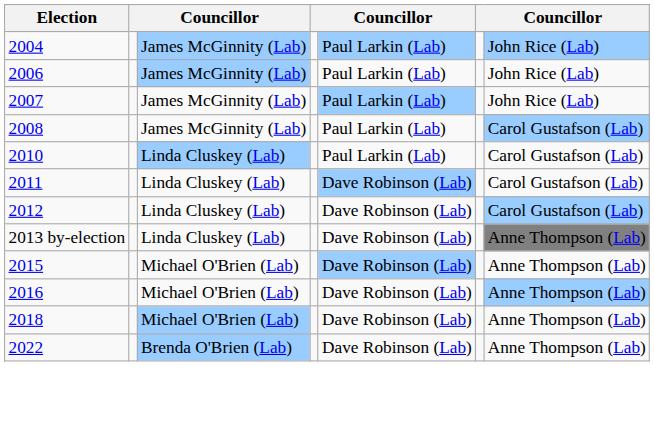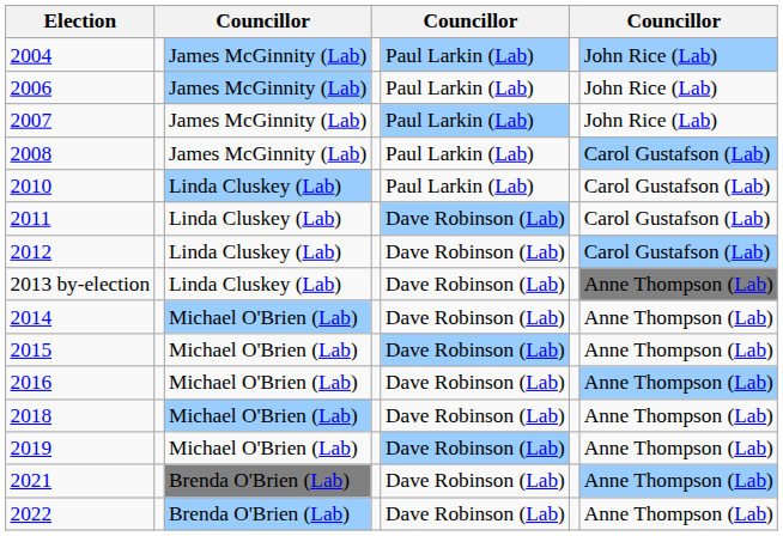 <table class="wikitable">
 <tr>
 <th>Election</th>
 <th colspan="2">Councillor</th>
 <th colspan="2">Councillor</th>
 <th colspan="2">Councillor</th>
 </tr>
 <tr>
 <td><a href='#'>2004</a></td>
 <td style="background-color: "></td>
 <td bgcolor="#99CCFF">James McGinnity (<a href='#'>Lab</a>)</td>
 <td style="background-color: "></td>
 <td bgcolor="#99CCFF">Paul Larkin (<a href='#'>Lab</a>)</td>
 <td style="background-color: "></td>
 <td bgcolor="#99CCFF">John Rice (<a href='#'>Lab</a>)</td>
 </tr>
 <tr>
 <td><a href='#'>2006</a></td>
 <td style="background-color: "></td>
 <td bgcolor="#99CCFF">James McGinnity (<a href='#'>Lab</a>)</td>
 <td style="background-color: "></td>
 <td>Paul Larkin (<a href='#'>Lab</a>)</td>
 <td style="background-color: "></td>
 <td>John Rice (<a href='#'>Lab</a>)</td>
 </tr>
 <tr>
 <td><a href='#'>2007</a></td>
 <td style="background-color: "></td>
 <td>James McGinnity (<a href='#'>Lab</a>)</td>
 <td style="background-color: "></td>
 <td bgcolor="#99CCFF">Paul Larkin (<a href='#'>Lab</a>)</td>
 <td style="background-color: "></td>
 <td>John Rice (<a href='#'>Lab</a>)</td>
 </tr>
 <tr>
 <td><a href='#'>2008</a></td>
 <td style="background-color: "></td>
 <td>James McGinnity (<a href='#'>Lab</a>)</td>
 <td style="background-color: "></td>
 <td>Paul Larkin (<a href='#'>Lab</a>)</td>
 <td style="background-color: "></td>
 <td bgcolor="#99CCFF">Carol Gustafson (<a href='#'>Lab</a>)</td>
 </tr>
 <tr>
 <td><a href='#'>2010</a></td>
 <td style="background-color: "></td>
 <td bgcolor="#99CCFF">Linda Cluskey (<a href='#'>Lab</a>)</td>
 <td style="background-color: "></td>
 <td>Paul Larkin (<a href='#'>Lab</a>)</td>
 <td style="background-color: "></td>
 <td>Carol Gustafson (<a href='#'>Lab</a>)</td>
 </tr>
 <tr>
 <td><a href='#'>2011</a></td>
 <td style="background-color: "></td>
 <td>Linda Cluskey (<a href='#'>Lab</a>)</td>
 <td style="background-color: "></td>
 <td bgcolor="#99CCFF">Dave Robinson (<a href='#'>Lab</a>)</td>
 <td style="background-color: "></td>
 <td>Carol Gustafson (<a href='#'>Lab</a>)</td>
 </tr>
 <tr>
 <td><a href='#'>2012</a></td>
 <td style="background-color: "></td>
 <td>Linda Cluskey (<a href='#'>Lab</a>)</td>
 <td style="background-color: "></td>
 <td>Dave Robinson (<a href='#'>Lab</a>)</td>
 <td style="background-color: "></td>
 <td bgcolor="#99CCFF">Carol Gustafson (<a href='#'>Lab</a>)</td>
 </tr>
 <tr>
 <td>2013 by-election</td>
 <td style="background-color: "></td>
 <td>Linda Cluskey (<a href='#'>Lab</a>)</td>
 <td style="background-color: "></td>
 <td>Dave Robinson (<a href='#'>Lab</a>)</td>
 <td style="background-color: "></td>
 <td bgcolor="#808080">Anne Thompson (<a href='#'>Lab</a>)</td>
 </tr>
 <tr>
+<td><a href='#'>2014</a></td>
+<td style="background-color: "></td>
+<td bgcolor="#99CCFF">Michael O'Brien (<a href='#'>Lab</a>)</td>
+<td style="background-color: "></td>
+<td>Dave Robinson (<a href='#'>Lab</a>)</td>
+<td style="background-color: "></td>
+<td>Anne Thompson (<a href='#'>Lab</a>)</td>
+</tr>
+<tr>
 <td><a href='#'>2015</a></td>
 <td style="background-color: "></td>
 <td>Michael O'Brien (<a href='#'>Lab</a>)</td>
 <td style="background-color: "></td>
 <td bgcolor="#99CCFF">Dave Robinson (<a href='#'>Lab</a>)</td>
 <td style="background-color: "></td>
 <td>Anne Thompson (<a href='#'>Lab</a>)</td>
 </tr>
 <tr>
 <td><a href='#'>2016</a></td>
 <td style="background-color: "></td>
 <td>Michael O'Brien (<a href='#'>Lab</a>)</td>
 <td style="background-color: "></td>
 <td>Dave Robinson (<a href='#'>Lab</a>)</td>
 <td style="background-color: "></td>
 <td bgcolor="#99CCFF">Anne Thompson (<a href='#'>Lab</a>)</td>
 </tr>
 <tr>
 <td><a href='#'>2018</a></td>
 <td style="background-color: "></td>
 <td bgcolor="#99CCFF">Michael O'Brien (<a href='#'>Lab</a>)</td>
 <td style="background-color: "></td>
 <td>Dave Robinson (<a href='#'>Lab</a>)</td>
 <td style="background-color: "></td>
 <td>Anne Thompson (<a href='#'>Lab</a>)</td>
 </tr>
 <tr>
+<td><a href='#'>2019</a></td>
+<td style="background-color: "></td>
+<td>Michael O'Brien (<a href='#'>Lab</a>)</td>
+<td style="background-color: "></td>
+<td bgcolor="#99CCFF">Dave Robinson (<a href='#'>Lab</a>)</td>
+<td style="background-color: "></td>
+<td>Anne Thompson (<a href='#'>Lab</a>)</td>
+</tr>
+<tr>
+<td><a href='#'>2021</a></td>
+<td style="background-color: "></td>
+<td bgcolor="#808080">Brenda O'Brien (<a href='#'>Lab</a>)</td>
+<td style="background-color: "></td>
+<td>Dave Robinson (<a href='#'>Lab</a>)</td>
+<td style="background-color: "></td>
+<td bgcolor="#99CCFF">Anne Thompson (<a href='#'>Lab</a>)</td>
+</tr>
+<tr>
 <td><a href='#'>2022</a></td>
 <td style="background-color: "></td>
 <td bgcolor="#99CCFF">Brenda O'Brien (<a href='#'>Lab</a>)</td>
 <td style="background-color: "></td>
 <td>Dave Robinson (<a href='#'>Lab</a>)</td>
 <td style="background-color: "></td>
 <td>Anne Thompson (<a href='#'>Lab</a>)</td>
 </tr>
 </table>
